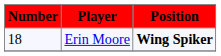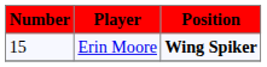 <table bgcolor="#f7f8ff" cellpadding="3" cellspacing="0" border="1" style="font-size: 95%; border: gray solid 1px; border-collapse: collapse;">
 <tr bgcolor="#ff0000">
 <td align=center><strong>Number</strong></td>
 <td align=center><strong>Player</strong></td>
 <td align=center><strong>Position</strong></td>
 </tr>
 <tr align="left">
-<td>18</td>
+<td>15</td>
 <td> <a href='#'>Erin Moore</a></td>
 <td><strong>Wing Spiker</strong></td>
 </tr>
 <tr align="left">
 </tr>
 </table>
